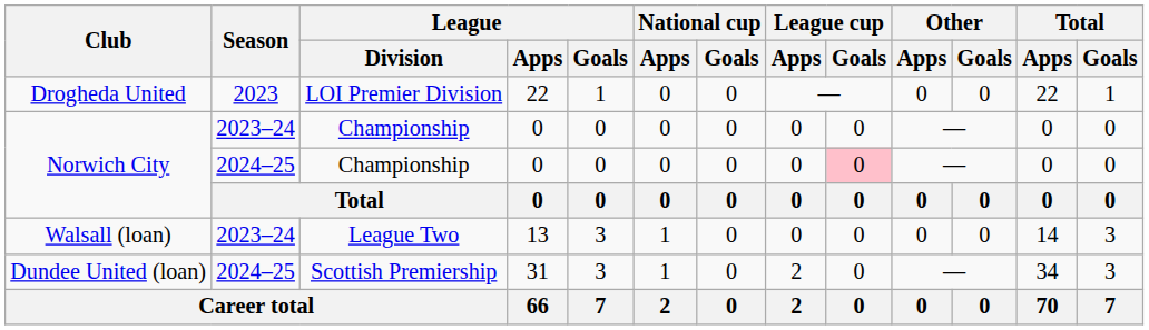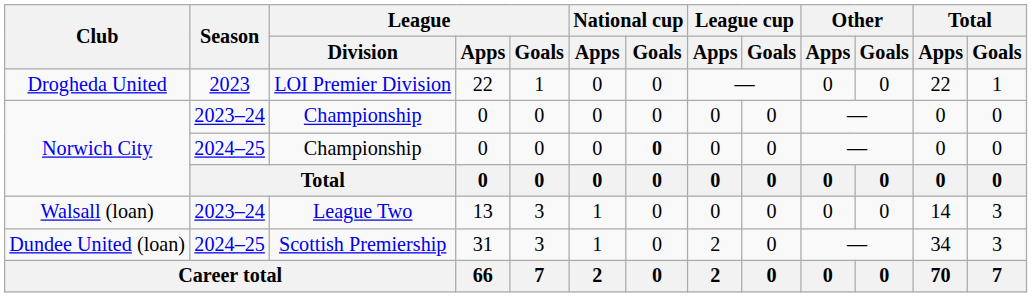 <table class="wikitable" style="text-align: center;">
 <tr>
 <th rowspan="2">Club</th>
 <th rowspan="2">Season</th>
 <th colspan="3">League</th>
 <th colspan="2">National cup</th>
 <th colspan="2">League cup</th>
 <th colspan="2">Other</th>
 <th colspan="2">Total</th>
 </tr>
 <tr>
 <th>Division</th>
 <th>Apps</th>
 <th>Goals</th>
 <th>Apps</th>
 <th>Goals</th>
 <th>Apps</th>
 <th>Goals</th>
 <th>Apps</th>
 <th>Goals</th>
 <th>Apps</th>
 <th>Goals</th>
 </tr>
 <tr>
 <td><a href='#'>Drogheda United</a></td>
 <td><a href='#'>2023</a></td>
 <td><a href='#'>LOI Premier Division</a></td>
 <td>22</td>
 <td>1</td>
 <td>0</td>
 <td>0</td>
 <td colspan="2">—</td>
 <td>0</td>
 <td>0</td>
 <td>22</td>
 <td>1</td>
 </tr>
 <tr>
 <td rowspan="3"><a href='#'>Norwich City</a></td>
 <td><a href='#'>2023–24</a></td>
 <td><a href='#'>Championship</a></td>
 <td>0</td>
 <td>0</td>
 <td>0</td>
 <td>0</td>
 <td>0</td>
 <td>0</td>
 <td colspan="2">—</td>
 <td>0</td>
 <td>0</td>
 </tr>
 <tr>
 <td><a href='#'>2024–25</a></td>
 <td>Championship</td>
 <td>0</td>
 <td>0</td>
 <td>0</td>
+<td><strong>0</strong></td>
 <td>0</td>
 <td>0</td>
-<td style="background: pink;">0</td>
 <td colspan="2">—</td>
 <td>0</td>
 <td>0</td>
 </tr>
 <tr>
 <th colspan="2">Total</th>
 <th>0</th>
 <th>0</th>
 <th>0</th>
 <th>0</th>
 <th>0</th>
 <th>0</th>
 <th>0</th>
 <th>0</th>
 <th>0</th>
 <th>0</th>
 </tr>
 <tr>
 <td><a href='#'>Walsall</a> (loan)</td>
 <td><a href='#'>2023–24</a></td>
 <td><a href='#'>League Two</a></td>
 <td>13</td>
 <td>3</td>
 <td>1</td>
 <td>0</td>
 <td>0</td>
 <td>0</td>
 <td>0</td>
 <td>0</td>
 <td>14</td>
 <td>3</td>
 </tr>
 <tr>
 <td><a href='#'>Dundee United</a> (loan)</td>
 <td><a href='#'>2024–25</a></td>
 <td><a href='#'>Scottish Premiership</a></td>
 <td>31</td>
 <td>3</td>
 <td>1</td>
 <td>0</td>
 <td>2</td>
 <td>0</td>
 <td colspan="2">—</td>
 <td>34</td>
 <td>3</td>
 </tr>
 <tr>
 <th colspan="3">Career total</th>
 <th>66</th>
 <th>7</th>
 <th>2</th>
 <th>0</th>
 <th>2</th>
 <th>0</th>
 <th>0</th>
 <th>0</th>
 <th>70</th>
 <th>7</th>
 </tr>
 </table>
